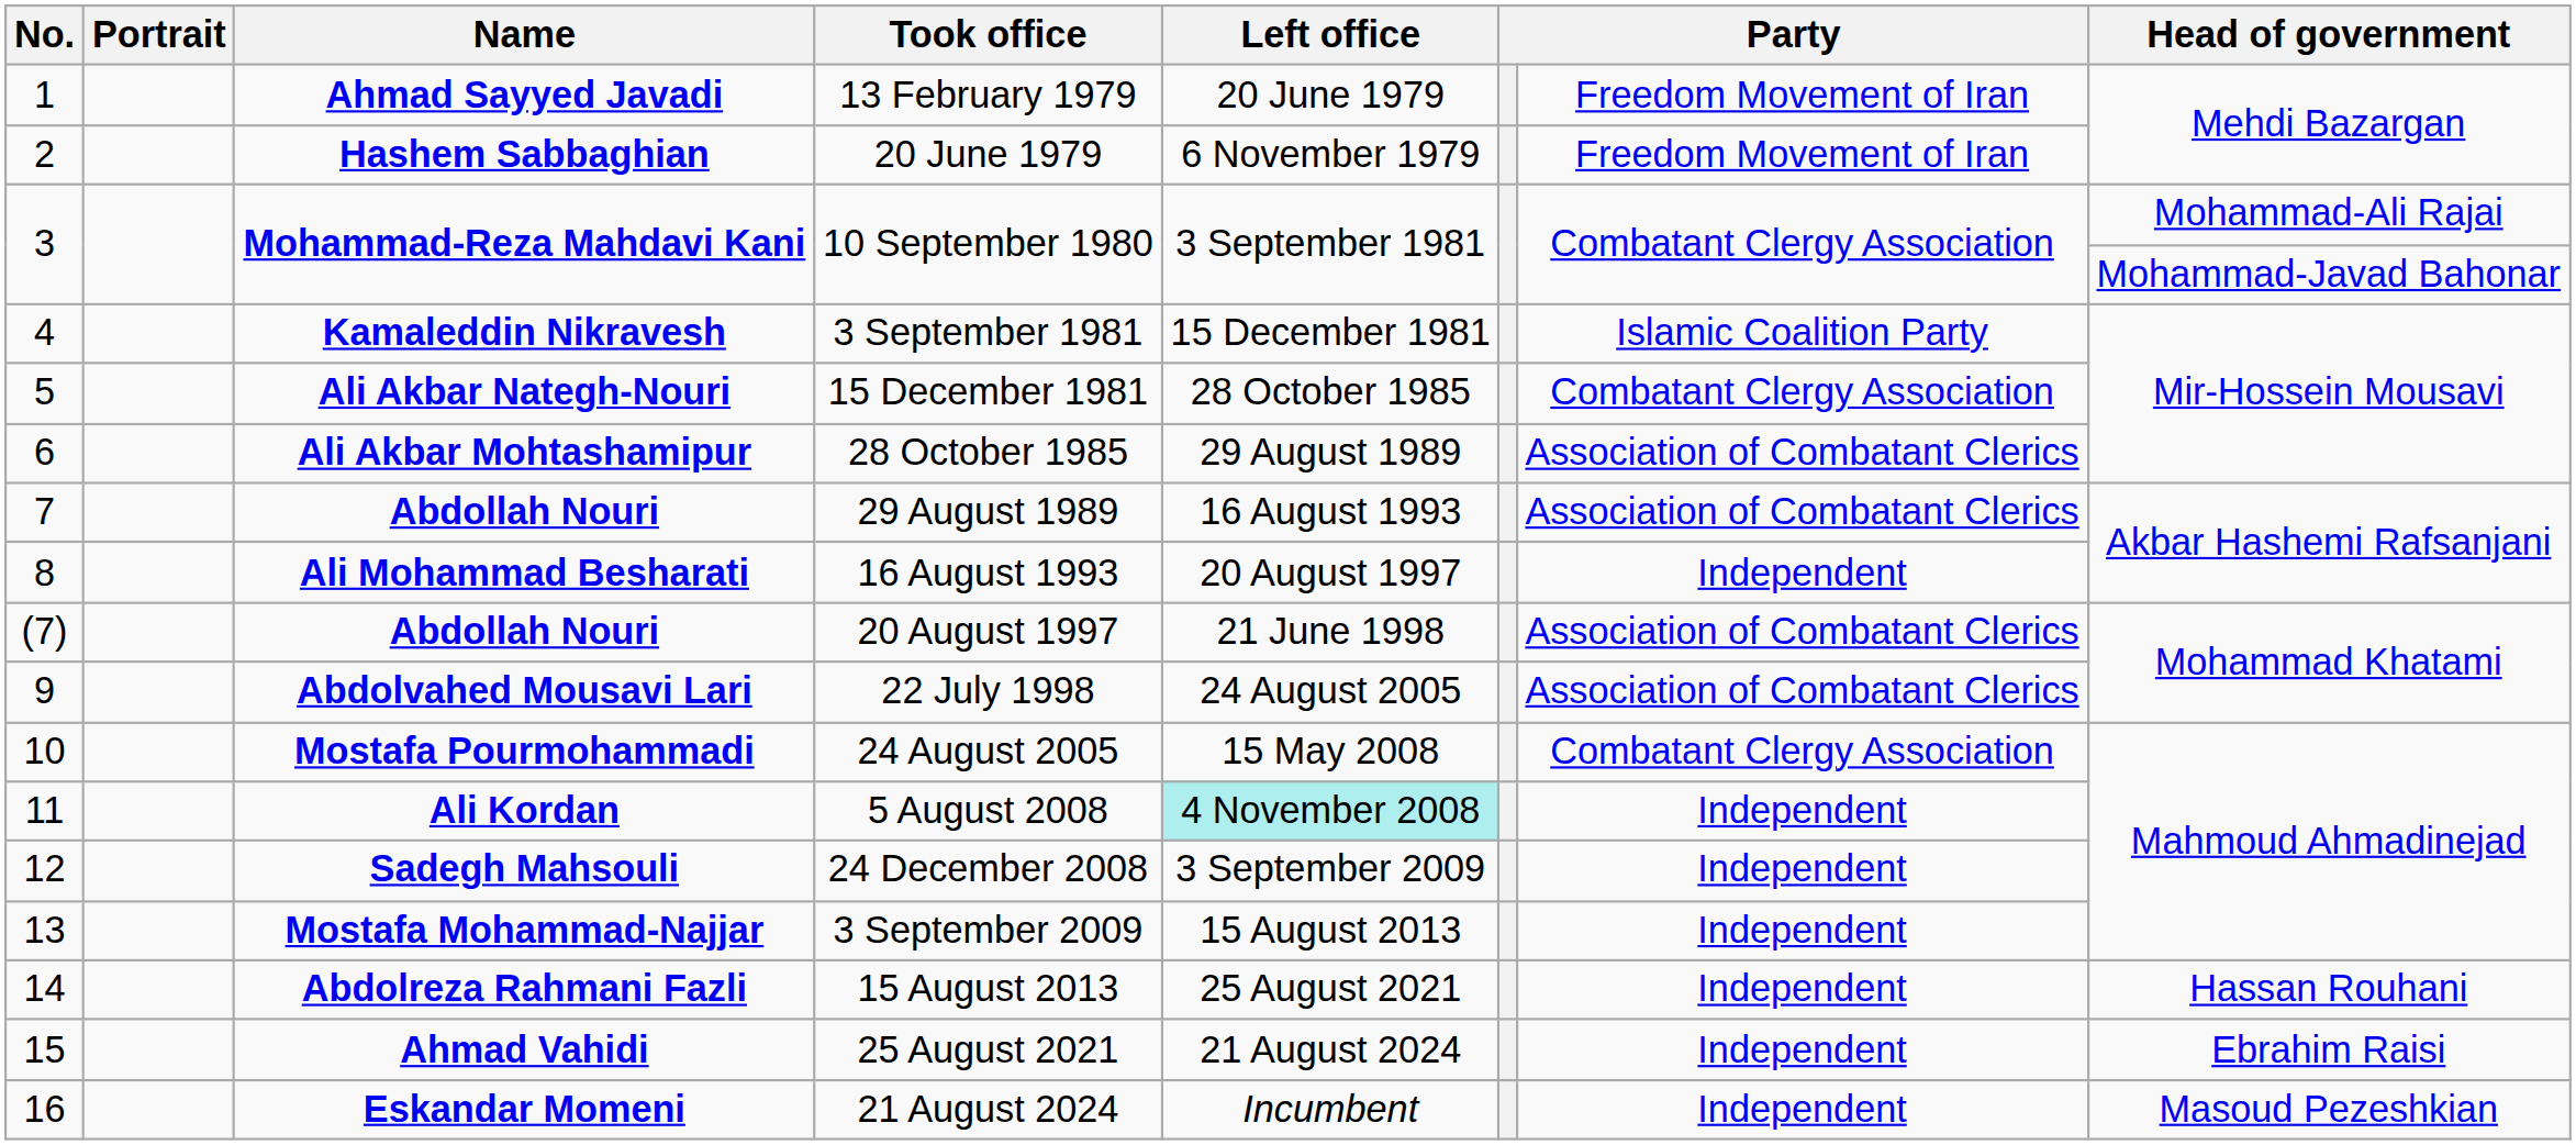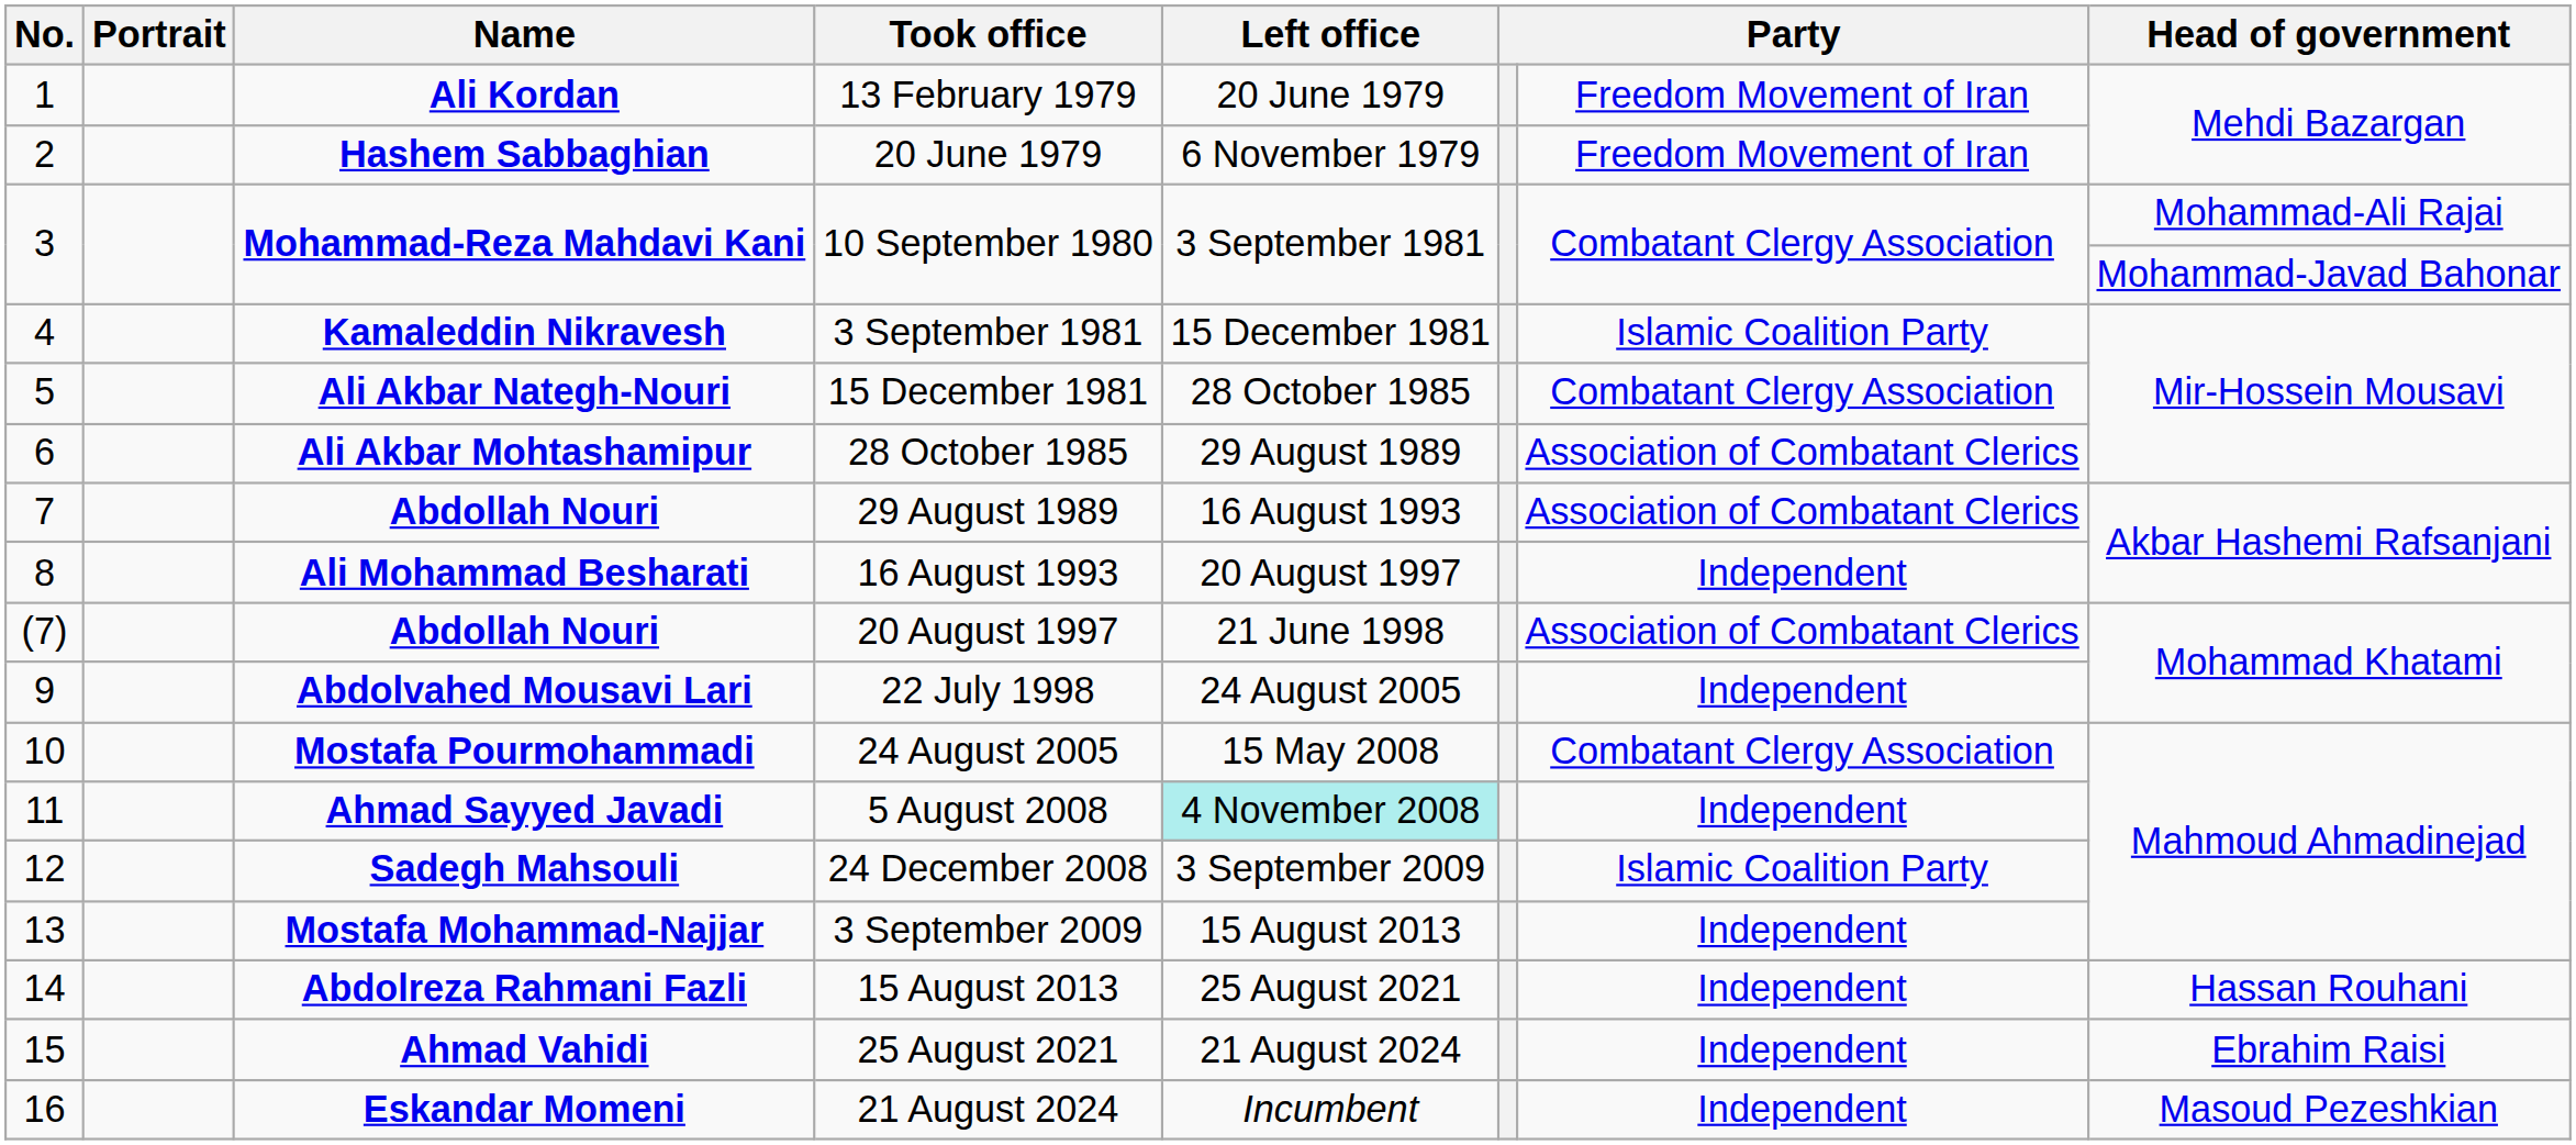 <table class="wikitable" style="text-align:center;">
 <tr>
 <th>No.</th>
 <th>Portrait</th>
 <th>Name</th>
 <th>Took office</th>
 <th>Left office</th>
 <th colspan=2>Party</th>
 <th>Head of government</th>
 </tr>
 <tr>
 <td>1</td>
 <td></td>
-<td><strong><a href='#'>Ahmad Sayyed Javadi</a></strong></td>
+<td><strong><a href='#'>Ali Kordan</a></strong></td>
 <td>13 February 1979</td>
 <td>20 June 1979</td>
 <th style="background:"></th>
 <td><a href='#'>Freedom Movement of Iran</a></td>
 <td rowspan=2><a href='#'>Mehdi Bazargan</a></td>
 </tr>
 <tr>
 <td>2</td>
 <td></td>
 <td><strong><a href='#'>Hashem Sabbaghian</a></strong></td>
 <td>20 June 1979</td>
 <td>6 November 1979</td>
 <th style="background:"></th>
 <td><a href='#'>Freedom Movement of Iran</a></td>
 </tr>
 <tr>
 <td rowspan=2>3</td>
 <td rowspan=2></td>
 <td rowspan=2><strong><a href='#'>Mohammad-Reza Mahdavi Kani</a></strong></td>
 <td rowspan=2>10 September 1980</td>
 <td rowspan=2>3 September 1981</td>
 <th rowspan=2 style="background:"></th>
 <td rowspan=2><a href='#'>Combatant Clergy Association</a></td>
 <td><a href='#'>Mohammad-Ali Rajai</a></td>
 </tr>
 <tr>
 <td><a href='#'>Mohammad-Javad Bahonar</a></td>
 </tr>
 <tr>
 <td>4</td>
 <td></td>
 <td><strong><a href='#'>Kamaleddin Nikravesh</a></strong></td>
 <td>3 September 1981</td>
 <td>15 December 1981</td>
 <th style="background:"></th>
 <td><a href='#'>Islamic Coalition Party</a></td>
 <td rowspan=3><a href='#'>Mir-Hossein Mousavi</a></td>
 </tr>
 <tr>
 <td>5</td>
 <td></td>
 <td><strong><a href='#'>Ali Akbar Nategh-Nouri</a></strong></td>
 <td>15 December 1981</td>
 <td>28 October 1985</td>
 <th style="background:"></th>
 <td><a href='#'>Combatant Clergy Association</a></td>
 </tr>
 <tr>
 <td>6</td>
 <td></td>
 <td><strong><a href='#'>Ali Akbar Mohtashamipur</a></strong></td>
 <td>28 October 1985</td>
 <td>29 August 1989</td>
 <th style="background:"></th>
 <td><a href='#'>Association of Combatant Clerics</a></td>
 </tr>
 <tr>
 <td>7</td>
 <td></td>
 <td><strong><a href='#'>Abdollah Nouri</a></strong></td>
 <td>29 August 1989</td>
 <td>16 August 1993</td>
 <th style="background:"></th>
 <td><a href='#'>Association of Combatant Clerics</a></td>
 <td rowspan=2><a href='#'>Akbar Hashemi Rafsanjani</a></td>
 </tr>
 <tr>
 <td>8</td>
 <td></td>
 <td><strong><a href='#'>Ali Mohammad Besharati</a></strong></td>
 <td>16 August 1993</td>
 <td>20 August 1997</td>
 <th style="background:"></th>
 <td><a href='#'>Independent</a></td>
 </tr>
 <tr>
 <td>(7)</td>
 <td></td>
 <td><strong><a href='#'>Abdollah Nouri</a></strong></td>
 <td>20 August 1997</td>
 <td>21 June 1998</td>
 <th style="background:"></th>
 <td><a href='#'>Association of Combatant Clerics</a></td>
 <td rowspan=2><a href='#'>Mohammad Khatami</a></td>
 </tr>
 <tr>
 <td>9</td>
 <td></td>
 <td><strong><a href='#'>Abdolvahed Mousavi Lari</a></strong></td>
 <td>22 July 1998</td>
 <td>24 August 2005</td>
 <th style="background:"></th>
-<td><a href='#'>Association of Combatant Clerics</a></td>
+<td><a href='#'>Independent</a></td>
 </tr>
 <tr>
 <td>10</td>
 <td></td>
 <td><strong><a href='#'>Mostafa Pourmohammadi</a></strong></td>
 <td>24 August 2005</td>
 <td>15 May 2008</td>
 <th style="background:"></th>
 <td><a href='#'>Combatant Clergy Association</a></td>
 <td rowspan=4><a href='#'>Mahmoud Ahmadinejad</a></td>
 </tr>
 <tr>
 <td>11</td>
 <td></td>
-<td><strong><a href='#'>Ali Kordan</a></strong></td>
+<td><strong><a href='#'>Ahmad Sayyed Javadi</a></strong></td>
 <td>5 August 2008</td>
 <td style="background: paleturquoise;">4 November 2008</td>
 <th style="background:"></th>
 <td><a href='#'>Independent</a></td>
 </tr>
 <tr>
 <td>12</td>
 <td></td>
 <td><strong><a href='#'>Sadegh Mahsouli</a></strong></td>
 <td>24 December 2008</td>
 <td>3 September 2009</td>
 <th style="background:"></th>
-<td><a href='#'>Independent</a></td>
+<td><a href='#'>Islamic Coalition Party</a></td>
 </tr>
 <tr>
 <td>13</td>
 <td></td>
 <td><strong><a href='#'>Mostafa Mohammad-Najjar</a></strong></td>
 <td>3 September 2009</td>
 <td>15 August 2013</td>
 <th style="background:"></th>
 <td><a href='#'>Independent</a></td>
 </tr>
 <tr>
 <td>14</td>
 <td></td>
 <td><strong><a href='#'>Abdolreza Rahmani Fazli</a></strong></td>
 <td>15 August 2013</td>
 <td>25 August 2021</td>
 <th style="background:"></th>
 <td><a href='#'>Independent</a></td>
 <td><a href='#'>Hassan Rouhani</a></td>
 </tr>
 <tr>
 <td>15</td>
 <td></td>
 <td><strong><a href='#'>Ahmad Vahidi</a></strong></td>
 <td>25 August 2021</td>
 <td>21 August 2024</td>
 <th style="background:"></th>
 <td><a href='#'>Independent</a></td>
 <td><a href='#'>Ebrahim Raisi</a></td>
 </tr>
 <tr>
 <td>16</td>
 <td></td>
 <td><strong><a href='#'>Eskandar Momeni</a></strong></td>
 <td>21 August 2024</td>
 <td><em>Incumbent</em></td>
 <th style="background:"></th>
 <td><a href='#'>Independent</a></td>
 <td><a href='#'>Masoud Pezeshkian</a></td>
 </tr>
 </table>
